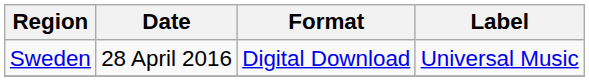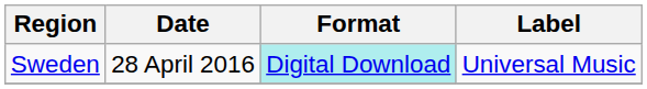 <table class=wikitable>
 <tr>
 <th>Region</th>
 <th>Date</th>
 <th>Format</th>
 <th>Label</th>
 </tr>
 <tr>
 <td><a href='#'>Sweden</a></td>
 <td>28 April 2016</td>
-<td><a href='#'>Digital Download</a></td>
+<td style="background: paleturquoise;"><a href='#'>Digital Download</a></td>
 <td><a href='#'>Universal Music</a></td>
 </tr>
 <tr>
 </tr>
 </table>
